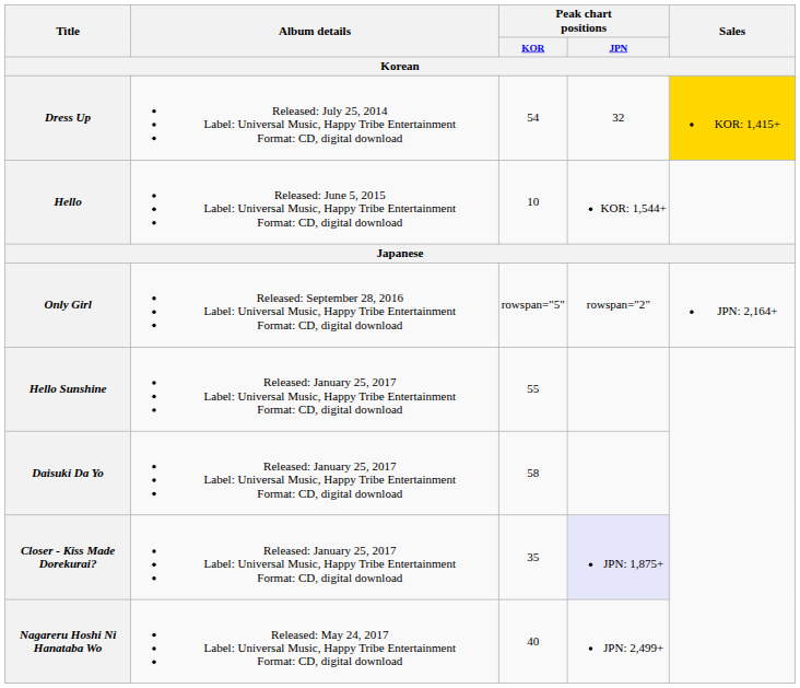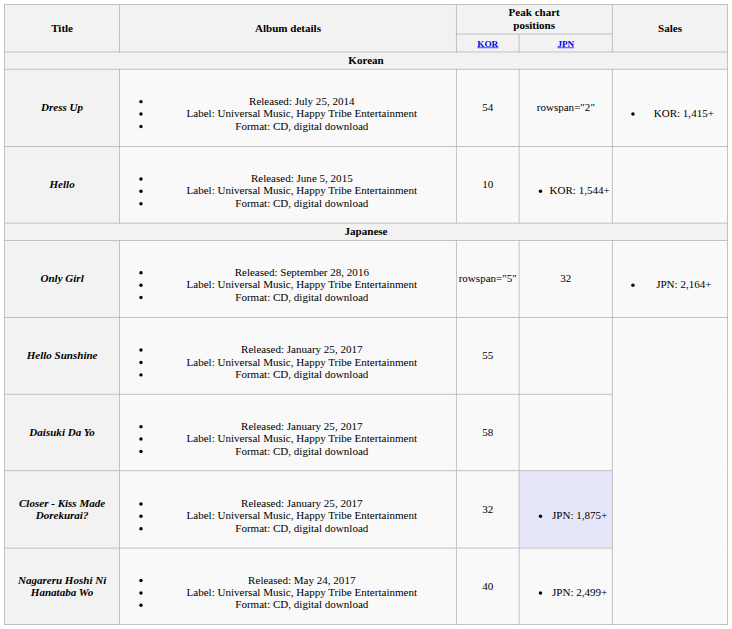 <table class="wikitable plainrowheaders" style="text-align:center;">
 <tr>
 <th scope="col" rowspan="2" style="width:10em;">Title</th>
 <th scope="col" rowspan="2" style="width:30em;">Album details</th>
 <th scope="col" colspan="2">Peak chart<br>positions</th>
 <th scope="col" rowspan="2" style="width:10em;">Sales</th>
 </tr>
 <tr>
 <th><small><a href='#'>KOR</a></small><br></th>
 <th><small><a href='#'>JPN</a></small><br></th>
 </tr>
 <tr>
 <th colspan="6">Korean</th>
 </tr>
 <tr>
 <th scope="row"><em>Dress Up</em></th>
 <td><br><ul><li>Released: July 25, 2014</li><li>Label: Universal Music, Happy Tribe Entertainment</li><li>Format: CD, digital download</li></ul></td>
 <td>54</td>
-<td>32</td>
-<td style="background: gold;"><br><ul><li>KOR: 1,415+</li></ul></td>
+<td>rowspan="2" </td>
+<td><br><ul><li>KOR: 1,415+</li></ul></td>
 </tr>
 <tr>
 <th scope="row"><em>Hello</em></th>
 <td><br><ul><li>Released: June 5, 2015</li><li>Label: Universal Music, Happy Tribe Entertainment</li><li>Format: CD, digital download</li></ul></td>
 <td>10</td>
 <td><br><ul><li>KOR: 1,544+</li></ul></td>
 </tr>
 <tr>
 <th colspan="6">Japanese</th>
 </tr>
 <tr>
 <th scope="row"><em>Only Girl</em></th>
 <td><br><ul><li>Released: September 28, 2016</li><li>Label: Universal Music, Happy Tribe Entertainment</li><li>Format: CD, digital download</li></ul></td>
 <td>rowspan="5" </td>
-<td>rowspan="2" </td>
+<td>32</td>
 <td><br><ul><li>JPN: 2,164+</li></ul></td>
 </tr>
 <tr>
 <th scope="row"><em>Hello Sunshine</em></th>
 <td><br><ul><li>Released: January 25, 2017</li><li>Label: Universal Music, Happy Tribe Entertainment</li><li>Format: CD, digital download</li></ul></td>
 <td>55</td>
 <td></td>
 </tr>
 <tr>
 <th scope="row"><em>Daisuki Da Yo</em></th>
 <td><br><ul><li>Released: January 25, 2017</li><li>Label: Universal Music, Happy Tribe Entertainment</li><li>Format: CD, digital download</li></ul></td>
 <td>58</td>
 <td></td>
 </tr>
 <tr>
 <th scope="row"><em>Closer - Kiss Made Dorekurai?</em></th>
 <td><br><ul><li>Released: January 25, 2017</li><li>Label: Universal Music, Happy Tribe Entertainment</li><li>Format: CD, digital download</li></ul></td>
-<td>35</td>
+<td>32</td>
 <td style="background: lavender;"><br><ul><li>JPN: 1,875+</li></ul></td>
 </tr>
 <tr>
 <th scope="row"><em>Nagareru Hoshi Ni Hanataba Wo</em></th>
 <td><br><ul><li>Released: May 24, 2017</li><li>Label: Universal Music, Happy Tribe Entertainment</li><li>Format: CD, digital download</li></ul></td>
 <td>40</td>
 <td><br><ul><li>JPN: 2,499+</li></ul></td>
 </tr>
 </table>
